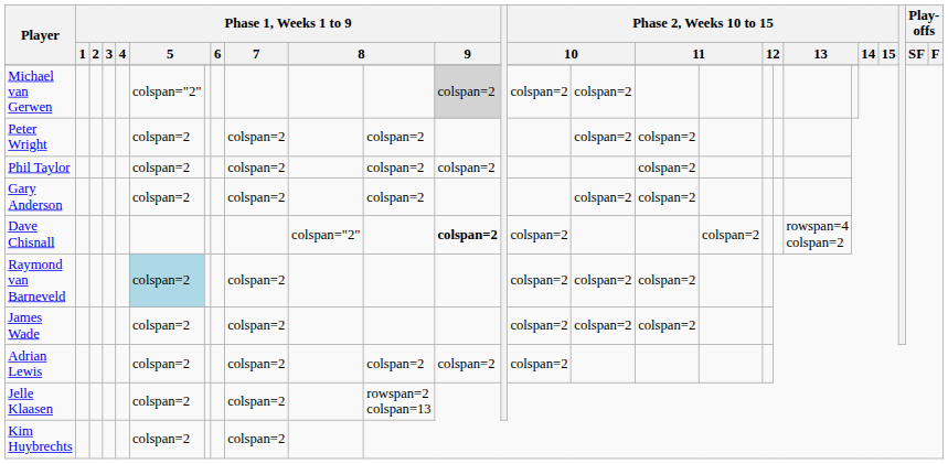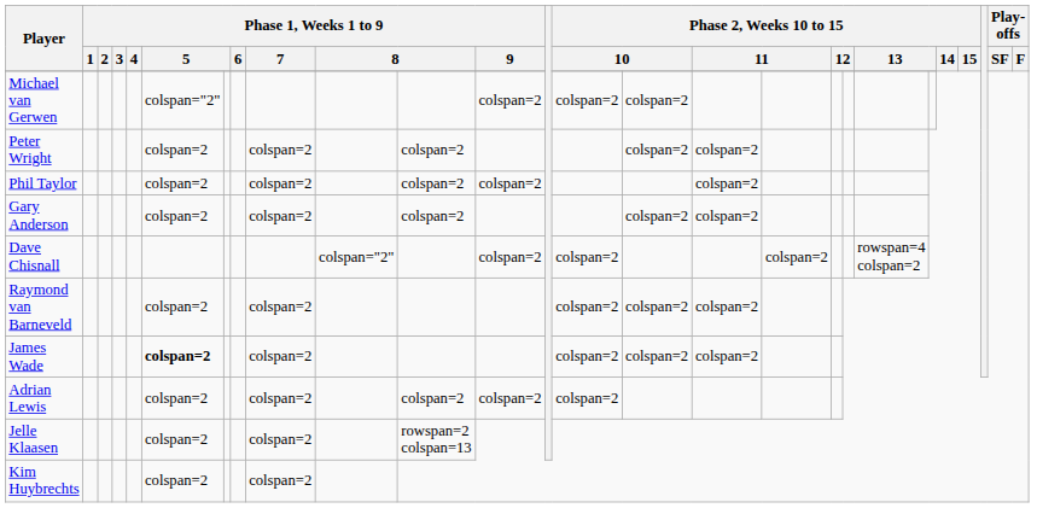 <table class="wikitable">
 <tr>
 <th rowspan=2>Player</th>
 <th colspan=11>Phase 1, Weeks 1 to 9</th>
 <th rowspan=12></th>
 <th colspan=10>Phase 2, Weeks 10 to 15</th>
 <th rowspan=10></th>
 <th colspan=2>Play-offs</th>
 </tr>
 <tr>
 <th>1</th>
 <th>2</th>
 <th>3</th>
 <th>4</th>
 <th colspan=2>5</th>
 <th>6</th>
 <th>7</th>
 <th colspan=2>8</th>
 <th>9</th>
 <th colspan=2>10</th>
 <th colspan=2>11</th>
 <th colspan=2>12</th>
 <th colspan=2>13</th>
 <th>14</th>
 <th>15</th>
 <th>SF</th>
 <th>F</th>
 </tr>
 <tr>
 </tr>
 <tr>
 <td> <a href='#'>Michael van Gerwen</a></td>
 <td></td>
 <td></td>
 <td></td>
 <td></td>
 <td>colspan="2" </td>
 <td></td>
 <td></td>
 <td></td>
 <td></td>
 <td></td>
-<td style="background: lightgrey;">colspan=2 </td>
+<td>colspan=2 </td>
 <td>colspan=2 </td>
 <td>colspan=2 </td>
 <td></td>
 <td></td>
 <td></td>
 <td></td>
 <td></td>
 <td></td>
 </tr>
 <tr>
 <td> <a href='#'>Peter Wright</a></td>
 <td></td>
 <td></td>
 <td></td>
 <td></td>
 <td>colspan=2 </td>
 <td></td>
 <td></td>
 <td>colspan=2 </td>
 <td></td>
 <td>colspan=2 </td>
 <td></td>
 <td></td>
 <td>colspan=2 </td>
 <td>colspan=2 </td>
 <td></td>
 <td></td>
 <td></td>
 <td></td>
 </tr>
 <tr>
 <td> <a href='#'>Phil Taylor</a></td>
 <td></td>
 <td></td>
 <td></td>
 <td></td>
 <td>colspan=2 </td>
 <td></td>
 <td></td>
 <td>colspan=2 </td>
 <td></td>
 <td>colspan=2 </td>
 <td>colspan=2 </td>
 <td></td>
 <td></td>
 <td>colspan=2 </td>
 <td></td>
 <td></td>
 <td></td>
 <td></td>
 </tr>
 <tr>
 <td> <a href='#'>Gary Anderson</a></td>
 <td></td>
 <td></td>
 <td></td>
 <td></td>
 <td>colspan=2 </td>
 <td></td>
 <td></td>
 <td>colspan=2 </td>
 <td></td>
 <td>colspan=2 </td>
 <td></td>
 <td></td>
 <td>colspan=2 </td>
 <td>colspan=2 </td>
 <td></td>
 <td></td>
 <td></td>
 <td></td>
 </tr>
 <tr>
 <td> <a href='#'>Dave Chisnall</a></td>
 <td></td>
 <td></td>
 <td></td>
 <td></td>
 <td></td>
 <td></td>
 <td></td>
 <td></td>
 <td>colspan="2" </td>
 <td></td>
-<td><strong>colspan=2 </strong></td>
+<td>colspan=2 </td>
 <td>colspan=2 </td>
 <td></td>
 <td></td>
 <td>colspan=2 </td>
 <td></td>
 <td></td>
 <td>rowspan=4 colspan=2 </td>
 </tr>
 <tr>
 <td> <a href='#'>Raymond van Barneveld</a></td>
 <td></td>
 <td></td>
 <td></td>
 <td></td>
-<td style="background: lightblue;">colspan=2 </td>
+<td>colspan=2 </td>
 <td></td>
 <td></td>
 <td>colspan=2 </td>
 <td></td>
 <td></td>
 <td></td>
 <td>colspan=2 </td>
 <td>colspan=2 </td>
 <td>colspan=2 </td>
 <td></td>
 <td></td>
 </tr>
 <tr>
 <td> <a href='#'>James Wade</a></td>
 <td></td>
 <td></td>
 <td></td>
 <td></td>
-<td>colspan=2 </td>
+<td><strong>colspan=2 </strong></td>
 <td></td>
 <td></td>
 <td>colspan=2 </td>
 <td></td>
 <td></td>
 <td></td>
 <td>colspan=2 </td>
 <td>colspan=2 </td>
 <td>colspan=2 </td>
 <td></td>
 <td></td>
 </tr>
 <tr>
 <td> <a href='#'>Adrian Lewis</a></td>
 <td></td>
 <td></td>
 <td></td>
 <td></td>
 <td>colspan=2 </td>
 <td></td>
 <td></td>
 <td>colspan=2 </td>
 <td></td>
 <td>colspan=2 </td>
 <td>colspan=2 </td>
 <td>colspan=2 </td>
 <td></td>
 <td></td>
 <td></td>
 <td></td>
 </tr>
 <tr>
 <td> <a href='#'>Jelle Klaasen</a></td>
 <td></td>
 <td></td>
 <td></td>
 <td></td>
 <td>colspan=2 </td>
 <td></td>
 <td></td>
 <td>colspan=2 </td>
 <td></td>
 <td>rowspan=2 colspan=13 </td>
 </tr>
 <tr>
 <td> <a href='#'>Kim Huybrechts</a></td>
 <td></td>
 <td></td>
 <td></td>
 <td></td>
 <td>colspan=2 </td>
 <td></td>
 <td></td>
 <td>colspan=2 </td>
 <td></td>
 </tr>
 </table>
